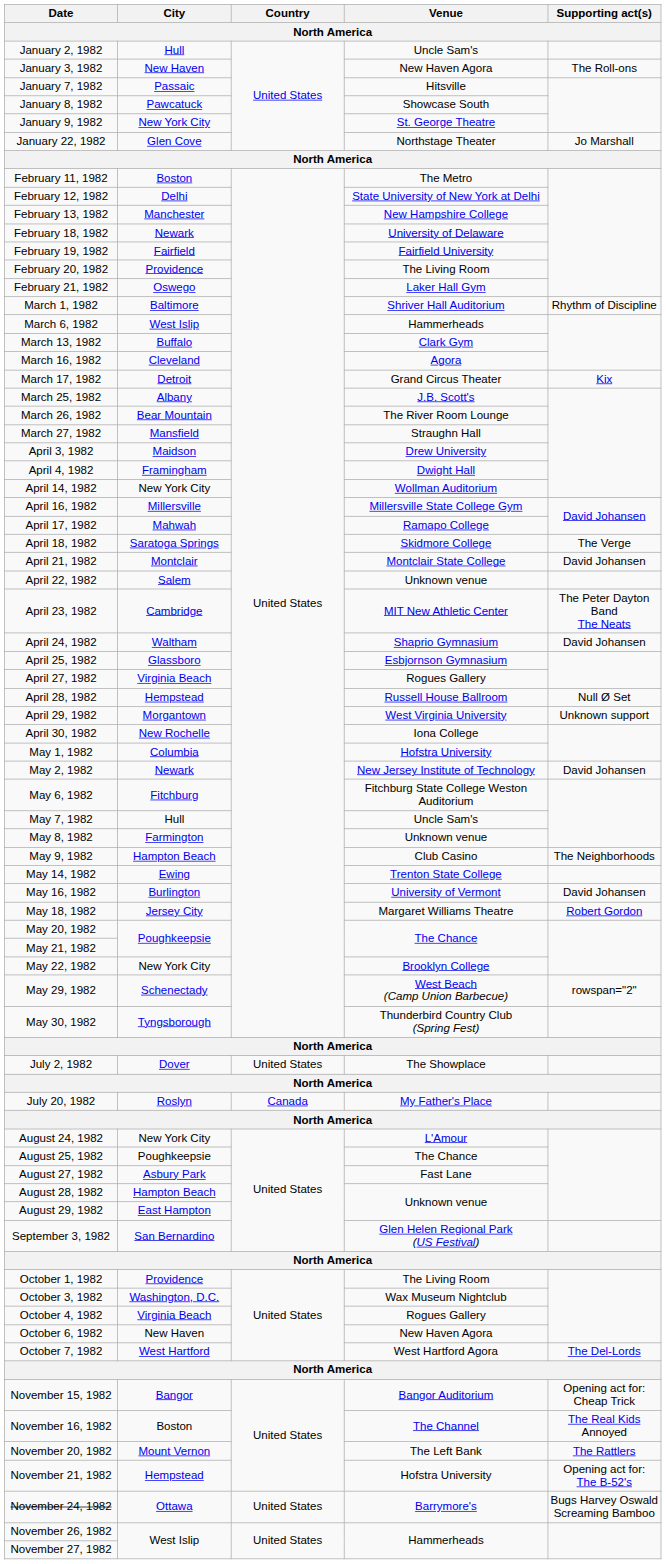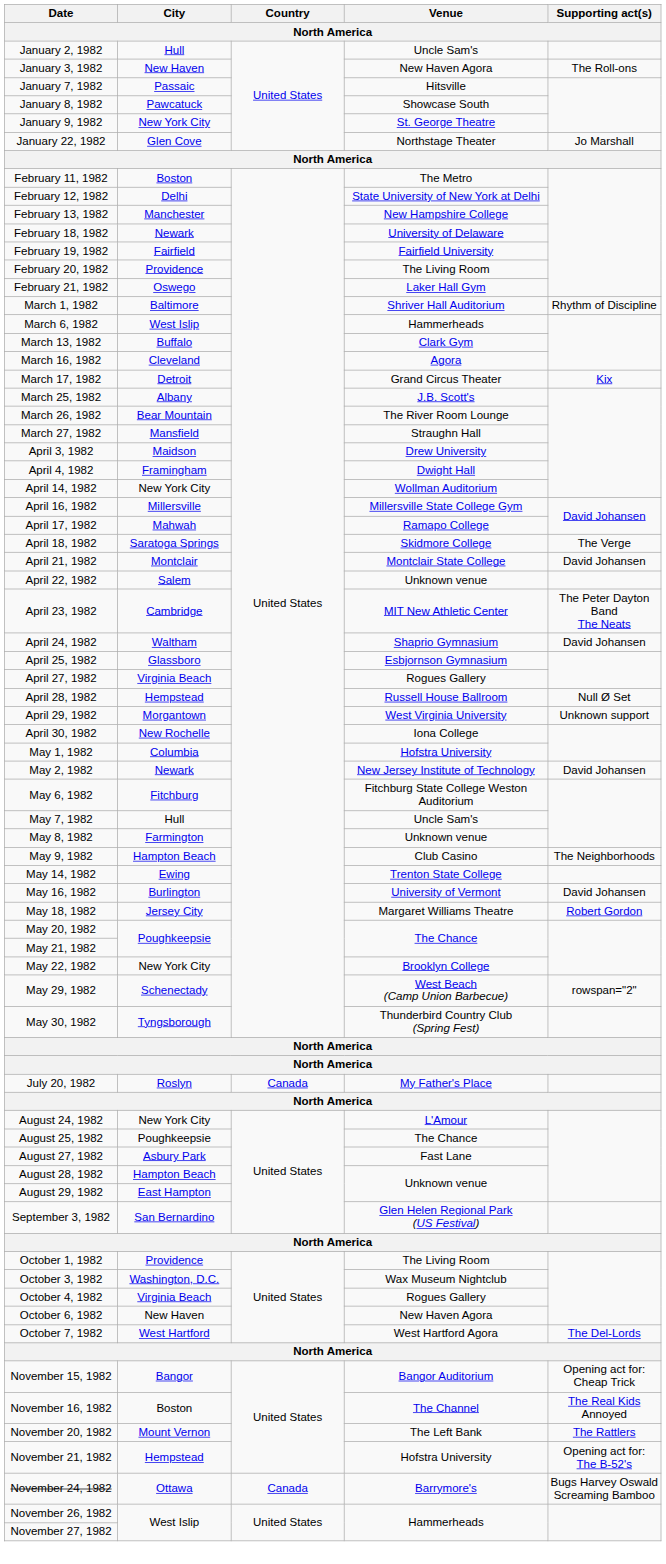 <table class="wikitable" style="text-align:center;">
 <tr>
 <th width="150">Date</th>
 <th width="150">City</th>
 <th width="150">Country</th>
 <th width="275">Venue</th>
 <th width="150">Supporting act(s)</th>
 </tr>
 <tr>
 <th colspan="5">North America</th>
 </tr>
 <tr>
 <td>January 2, 1982</td>
 <td><a href='#'>Hull</a></td>
 <td rowspan="6"><a href='#'>United States</a></td>
 <td>Uncle Sam's</td>
 <td></td>
 </tr>
 <tr>
 <td>January 3, 1982</td>
 <td><a href='#'>New Haven</a></td>
 <td>New Haven Agora</td>
 <td>The Roll-ons</td>
 </tr>
 <tr>
 <td>January 7, 1982</td>
 <td><a href='#'>Passaic</a></td>
 <td>Hitsville</td>
 <td rowspan="3"></td>
 </tr>
 <tr>
 <td>January 8, 1982</td>
 <td><a href='#'>Pawcatuck</a></td>
 <td>Showcase South</td>
 </tr>
 <tr>
 <td>January 9, 1982</td>
 <td><a href='#'>New York City</a></td>
 <td><a href='#'>St. George Theatre</a></td>
 </tr>
 <tr>
 <td>January 22, 1982</td>
 <td><a href='#'>Glen Cove</a></td>
 <td>Northstage Theater</td>
 <td>Jo Marshall</td>
 </tr>
 <tr>
 <th colspan="5">North America</th>
 </tr>
 <tr>
 <td>February 11, 1982</td>
 <td><a href='#'>Boston</a></td>
 <td rowspan="44">United States</td>
 <td>The Metro</td>
 <td rowspan="7"></td>
 </tr>
 <tr>
 <td>February 12, 1982</td>
 <td><a href='#'>Delhi</a></td>
 <td><a href='#'>State University of New York at Delhi</a></td>
 </tr>
 <tr>
 <td>February 13, 1982</td>
 <td><a href='#'>Manchester</a></td>
 <td><a href='#'>New Hampshire College</a></td>
 </tr>
 <tr>
 <td>February 18, 1982</td>
 <td><a href='#'>Newark</a></td>
 <td><a href='#'>University of Delaware</a></td>
 </tr>
 <tr>
 <td>February 19, 1982</td>
 <td><a href='#'>Fairfield</a></td>
 <td><a href='#'>Fairfield University</a></td>
 </tr>
 <tr>
 <td>February 20, 1982</td>
 <td><a href='#'>Providence</a></td>
 <td>The Living Room</td>
 </tr>
 <tr>
 <td>February 21, 1982</td>
 <td><a href='#'>Oswego</a></td>
 <td><a href='#'>Laker Hall Gym</a></td>
 </tr>
 <tr>
 <td>March 1, 1982</td>
 <td><a href='#'>Baltimore</a></td>
 <td><a href='#'>Shriver Hall Auditorium</a></td>
 <td>Rhythm of Discipline</td>
 </tr>
 <tr>
 <td>March 6, 1982</td>
 <td><a href='#'>West Islip</a></td>
 <td>Hammerheads</td>
 <td rowspan="3"></td>
 </tr>
 <tr>
 <td>March 13, 1982</td>
 <td><a href='#'>Buffalo</a></td>
 <td><a href='#'>Clark Gym</a></td>
 </tr>
 <tr>
 <td>March 16, 1982</td>
 <td><a href='#'>Cleveland</a></td>
 <td><a href='#'>Agora</a></td>
 </tr>
 <tr>
 <td>March 17, 1982</td>
 <td><a href='#'>Detroit</a></td>
 <td>Grand Circus Theater</td>
 <td><a href='#'>Kix</a></td>
 </tr>
 <tr>
 <td>March 25, 1982</td>
 <td><a href='#'>Albany</a></td>
 <td><a href='#'>J.B. Scott's</a></td>
 <td rowspan="6"></td>
 </tr>
 <tr>
 <td>March 26, 1982</td>
 <td><a href='#'>Bear Mountain</a></td>
 <td>The River Room Lounge</td>
 </tr>
 <tr>
 <td>March 27, 1982</td>
 <td><a href='#'>Mansfield</a></td>
 <td>Straughn Hall</td>
 </tr>
 <tr>
 <td>April 3, 1982</td>
 <td><a href='#'>Maidson</a></td>
 <td><a href='#'>Drew University</a></td>
 </tr>
 <tr>
 <td>April 4, 1982</td>
 <td><a href='#'>Framingham</a></td>
 <td><a href='#'>Dwight Hall</a></td>
 </tr>
 <tr>
 <td>April 14, 1982</td>
 <td>New York City</td>
 <td><a href='#'>Wollman Auditorium</a></td>
 </tr>
 <tr>
 <td>April 16, 1982</td>
 <td><a href='#'>Millersville</a></td>
 <td><a href='#'>Millersville State College Gym</a></td>
 <td rowspan="2"><a href='#'>David Johansen</a></td>
 </tr>
 <tr>
 <td>April 17, 1982</td>
 <td><a href='#'>Mahwah</a></td>
 <td><a href='#'>Ramapo College</a></td>
 </tr>
 <tr>
 <td>April 18, 1982</td>
 <td><a href='#'>Saratoga Springs</a></td>
 <td><a href='#'>Skidmore College</a></td>
 <td>The Verge</td>
 </tr>
 <tr>
 <td>April 21, 1982</td>
 <td><a href='#'>Montclair</a></td>
 <td><a href='#'>Montclair State College</a></td>
 <td>David Johansen</td>
 </tr>
 <tr>
 <td>April 22, 1982</td>
 <td><a href='#'>Salem</a></td>
 <td>Unknown venue</td>
 <td></td>
 </tr>
 <tr>
 <td>April 23, 1982</td>
 <td><a href='#'>Cambridge</a></td>
 <td><a href='#'>MIT New Athletic Center</a></td>
 <td>The Peter Dayton Band<br><a href='#'>The Neats</a></td>
 </tr>
 <tr>
 <td>April 24, 1982</td>
 <td><a href='#'>Waltham</a></td>
 <td><a href='#'>Shaprio Gymnasium</a></td>
 <td>David Johansen</td>
 </tr>
 <tr>
 <td>April 25, 1982</td>
 <td><a href='#'>Glassboro</a></td>
 <td><a href='#'>Esbjornson Gymnasium</a></td>
 <td rowspan="2"></td>
 </tr>
 <tr>
 <td>April 27, 1982</td>
 <td><a href='#'>Virginia Beach</a></td>
 <td>Rogues Gallery</td>
 </tr>
 <tr>
 <td>April 28, 1982</td>
 <td><a href='#'>Hempstead</a></td>
 <td><a href='#'>Russell House Ballroom</a></td>
 <td>Null Ø Set</td>
 </tr>
 <tr>
 <td>April 29, 1982</td>
 <td><a href='#'>Morgantown</a></td>
 <td><a href='#'>West Virginia University</a></td>
 <td>Unknown support</td>
 </tr>
 <tr>
 <td>April 30, 1982</td>
 <td><a href='#'>New Rochelle</a></td>
 <td>Iona College</td>
 <td rowspan="2"></td>
 </tr>
 <tr>
 <td>May 1, 1982</td>
 <td><a href='#'>Columbia</a></td>
 <td><a href='#'>Hofstra University</a></td>
 </tr>
 <tr>
 <td>May 2, 1982</td>
 <td><a href='#'>Newark</a></td>
 <td><a href='#'>New Jersey Institute of Technology</a></td>
 <td>David Johansen</td>
 </tr>
 <tr>
 <td>May 6, 1982</td>
 <td><a href='#'>Fitchburg</a></td>
 <td>Fitchburg State College Weston Auditorium</td>
 <td rowspan="3"></td>
 </tr>
 <tr>
 <td>May 7, 1982</td>
 <td>Hull</td>
 <td>Uncle Sam's</td>
 </tr>
 <tr>
 <td>May 8, 1982</td>
 <td><a href='#'>Farmington</a></td>
 <td>Unknown venue</td>
 </tr>
 <tr>
 <td>May 9, 1982</td>
 <td><a href='#'>Hampton Beach</a></td>
 <td>Club Casino</td>
 <td>The Neighborhoods</td>
 </tr>
 <tr>
 <td>May 14, 1982</td>
 <td><a href='#'>Ewing</a></td>
 <td><a href='#'>Trenton State College</a></td>
 <td></td>
 </tr>
 <tr>
 <td>May 16, 1982</td>
 <td><a href='#'>Burlington</a></td>
 <td><a href='#'>University of Vermont</a></td>
 <td>David Johansen</td>
 </tr>
 <tr>
 <td>May 18, 1982</td>
 <td><a href='#'>Jersey City</a></td>
 <td>Margaret Williams Theatre</td>
 <td><a href='#'>Robert Gordon</a></td>
 </tr>
 <tr>
 <td>May 20, 1982</td>
 <td rowspan="2"><a href='#'>Poughkeepsie</a></td>
 <td rowspan="2"><a href='#'>The Chance</a></td>
 <td rowspan="3"></td>
 </tr>
 <tr>
 <td>May 21, 1982</td>
 </tr>
 <tr>
 <td>May 22, 1982</td>
 <td>New York City</td>
 <td><a href='#'>Brooklyn College</a></td>
 </tr>
 <tr>
 <td>May 29, 1982</td>
 <td><a href='#'>Schenectady</a></td>
 <td><a href='#'>West Beach</a><br><em>(Camp Union Barbecue)</em></td>
 <td>rowspan="2" </td>
 </tr>
 <tr>
 <td>May 30, 1982</td>
 <td><a href='#'>Tyngsborough</a></td>
 <td>Thunderbird Country Club<br><em>(Spring Fest)</em></td>
 </tr>
 <tr>
 <th colspan="5">North America</th>
 </tr>
 <tr>
-<td>July 2, 1982</td>
-<td><a href='#'>Dover</a></td>
-<td>United States</td>
-<td>The Showplace</td>
-<td></td>
-</tr>
-<tr>
 <th colspan="5">North America</th>
 </tr>
 <tr>
 <td>July 20, 1982</td>
 <td><a href='#'>Roslyn</a></td>
 <td><a href='#'>Canada</a></td>
 <td><a href='#'>My Father's Place</a></td>
 <td></td>
 </tr>
 <tr>
 <th colspan="5">North America</th>
 </tr>
 <tr>
 <td>August 24, 1982</td>
 <td>New York City</td>
 <td rowspan="6">United States</td>
 <td><a href='#'>L'Amour</a></td>
 <td rowspan="5"></td>
 </tr>
 <tr>
 <td>August 25, 1982</td>
 <td>Poughkeepsie</td>
 <td>The Chance</td>
 </tr>
 <tr>
 <td>August 27, 1982</td>
 <td><a href='#'>Asbury Park</a></td>
 <td>Fast Lane</td>
 </tr>
 <tr>
 <td>August 28, 1982</td>
 <td><a href='#'>Hampton Beach</a></td>
 <td rowspan="2">Unknown venue</td>
 </tr>
 <tr>
 <td>August 29, 1982</td>
 <td><a href='#'>East Hampton</a></td>
 </tr>
 <tr>
 <td>September 3, 1982</td>
 <td><a href='#'>San Bernardino</a></td>
 <td><a href='#'>Glen Helen Regional Park</a><br><em>(<a href='#'>US Festival</a>)</em></td>
 <td></td>
 </tr>
 <tr>
 <th colspan="5">North America</th>
 </tr>
 <tr>
 <td>October 1, 1982</td>
 <td><a href='#'>Providence</a></td>
 <td rowspan="5">United States</td>
 <td>The Living Room</td>
 <td rowspan="4"></td>
 </tr>
 <tr>
 <td>October 3, 1982</td>
 <td><a href='#'>Washington, D.C.</a></td>
 <td>Wax Museum Nightclub</td>
 </tr>
 <tr>
 <td>October 4, 1982</td>
 <td><a href='#'>Virginia Beach</a></td>
 <td>Rogues Gallery</td>
 </tr>
 <tr>
 <td>October 6, 1982</td>
 <td>New Haven</td>
 <td>New Haven Agora</td>
 </tr>
 <tr>
 <td>October 7, 1982</td>
 <td><a href='#'>West Hartford</a></td>
 <td>West Hartford Agora</td>
 <td><a href='#'>The Del-Lords</a></td>
 </tr>
 <tr>
 <th colspan="5">North America</th>
 </tr>
 <tr>
 <td>November 15, 1982</td>
 <td><a href='#'>Bangor</a></td>
 <td rowspan="4">United States</td>
 <td><a href='#'>Bangor Auditorium</a></td>
 <td>Opening act for:<br>Cheap Trick</td>
 </tr>
 <tr>
 <td>November 16, 1982</td>
 <td>Boston</td>
 <td><a href='#'>The Channel</a></td>
 <td><a href='#'>The Real Kids</a><br>Annoyed</td>
 </tr>
 <tr>
 <td>November 20, 1982</td>
 <td><a href='#'>Mount Vernon</a></td>
 <td>The Left Bank</td>
 <td><a href='#'>The Rattlers</a></td>
 </tr>
 <tr>
 <td>November 21, 1982</td>
 <td><a href='#'>Hempstead</a></td>
 <td>Hofstra University</td>
 <td>Opening act for:<br><a href='#'>The B-52's</a></td>
 </tr>
 <tr>
 <td><s>November 24, 1982</s></td>
 <td><a href='#'>Ottawa</a></td>
-<td>United States</td>
+<td><a href='#'>Canada</a></td>
 <td><a href='#'>Barrymore's</a></td>
 <td>Bugs Harvey Oswald<br>Screaming Bamboo</td>
 </tr>
 <tr>
 <td>November 26, 1982</td>
 <td rowspan="2">West Islip</td>
 <td rowspan="2">United States</td>
 <td rowspan="2">Hammerheads</td>
 <td rowspan="2"></td>
 </tr>
 <tr>
 <td>November 27, 1982</td>
 </tr>
 </table>
